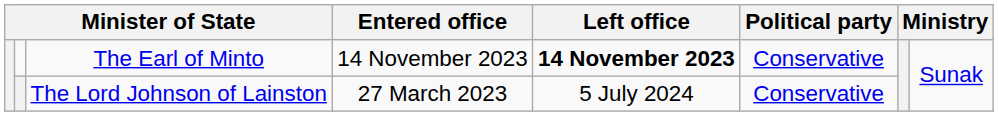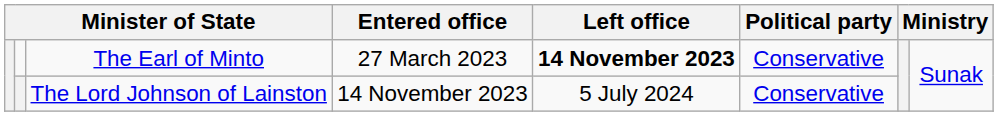 <table class="wikitable" style="text-align:center">
 <tr>
 <th colspan=3>Minister of State</th>
 <th>Entered office</th>
 <th>Left office</th>
 <th>Political party</th>
 <th colspan=2>Ministry</th>
 </tr>
 <tr>
 <th rowspan=3 style="background-color: "></th>
 <td></td>
 <td><a href='#'>The Earl of Minto</a></td>
-<td>14 November 2023</td>
+<td>27 March 2023</td>
 <td><strong>14 November 2023</strong></td>
 <td><a href='#'>Conservative</a></td>
 <th rowspan=2 style="background-color: "></th>
 <td rowspan=2><a href='#'>Sunak</a></td>
 </tr>
 <tr>
 <th></th>
 <td><a href='#'>The Lord Johnson of Lainston</a></td>
-<td>27 March 2023</td>
+<td>14 November 2023</td>
 <td>5 July 2024</td>
 <td><a href='#'>Conservative</a></td>
 </tr>
 </table>
